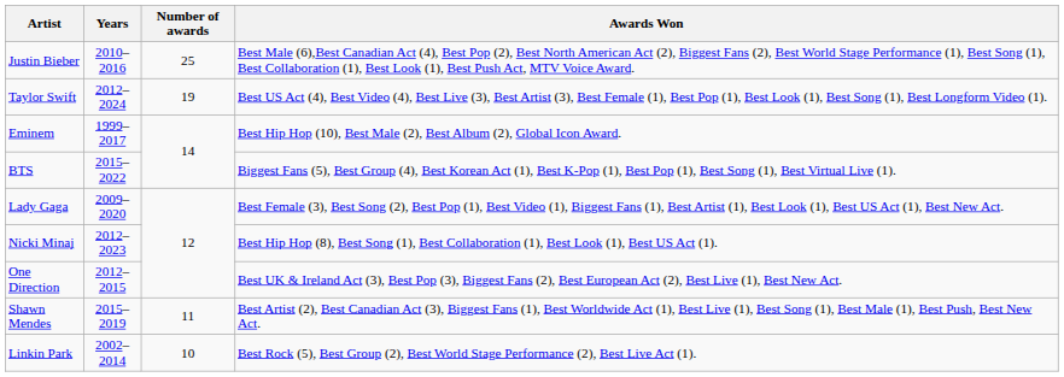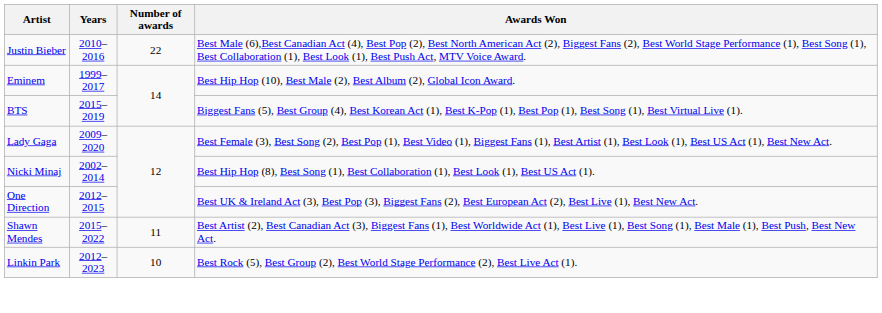 <table class="wikitable">
 <tr>
 <th>Artist</th>
 <th>Years</th>
 <th>Number of awards</th>
 <th>Awards Won</th>
 </tr>
 <tr>
 <td><a href='#'>Justin Bieber</a></td>
 <td align="center"><a href='#'>2010</a>–<a href='#'>2016</a></td>
-<td align="center">25</td>
+<td align="center">22</td>
 <td><a href='#'>Best Male</a> (6),<a href='#'>Best Canadian Act</a> (4), <a href='#'>Best Pop</a> (2), <a href='#'>Best North American Act</a> (2), <a href='#'>Biggest Fans</a> (2), <a href='#'>Best World Stage Performance</a> (1), <a href='#'>Best Song</a> (1), <a href='#'>Best Collaboration</a> (1), <a href='#'>Best Look</a> (1), <a href='#'>Best Push Act</a>, <a href='#'>MTV Voice Award</a>.</td>
-</tr>
-<tr>
-<td><a href='#'>Taylor Swift</a></td>
-<td align="center"><a href='#'>2012</a>–<a href='#'>2024</a></td>
-<td align="center">19</td>
-<td><a href='#'>Best US Act</a> (4), <a href='#'>Best Video</a> (4), <a href='#'>Best Live</a> (3), <a href='#'>Best Artist</a> (3), <a href='#'>Best Female</a> (1), <a href='#'>Best Pop</a> (1), <a href='#'>Best Look</a> (1), <a href='#'>Best Song</a> (1), <a href='#'>Best Longform Video</a> (1).</td>
 </tr>
 <tr>
 <td><a href='#'>Eminem</a></td>
 <td align="center"><a href='#'>1999</a>–<a href='#'>2017</a></td>
 <td rowspan="2" align="center">14</td>
 <td><a href='#'>Best Hip Hop</a> (10), <a href='#'>Best Male</a> (2), <a href='#'>Best Album</a> (2), <a href='#'>Global Icon Award</a>.</td>
 </tr>
 <tr>
 <td><a href='#'>BTS</a></td>
-<td align="center"><a href='#'>2015</a>–<a href='#'>2022</a></td>
+<td align="center"><a href='#'>2015</a>–<a href='#'>2019</a></td>
 <td><a href='#'>Biggest Fans</a> (5), <a href='#'>Best Group</a> (4), <a href='#'>Best Korean Act</a> (1), <a href='#'>Best K-Pop</a> (1), <a href='#'>Best Pop</a> (1), <a href='#'>Best Song</a> (1), <a href='#'>Best Virtual Live</a> (1).</td>
 </tr>
 <tr>
 <td><a href='#'>Lady Gaga</a></td>
 <td align="center"><a href='#'>2009</a>–<a href='#'>2020</a></td>
 <td rowspan="3" align="center">12</td>
 <td><a href='#'>Best Female</a> (3), <a href='#'>Best Song</a> (2), <a href='#'>Best Pop</a> (1), <a href='#'>Best Video</a> (1), <a href='#'>Biggest Fans</a> (1), <a href='#'>Best Artist</a> (1), <a href='#'>Best Look</a> (1), <a href='#'>Best US Act</a> (1), <a href='#'>Best New Act</a>.</td>
 </tr>
 <tr>
 <td><a href='#'>Nicki Minaj</a></td>
-<td align="center"><a href='#'>2012</a>–<a href='#'>2023</a></td>
+<td align="center"><a href='#'>2002</a>–<a href='#'>2014</a></td>
 <td><a href='#'>Best Hip Hop</a> (8), <a href='#'>Best Song</a> (1), <a href='#'>Best Collaboration</a> (1), <a href='#'>Best Look</a> (1), <a href='#'>Best US Act</a> (1).</td>
 </tr>
 <tr>
 <td><a href='#'>One Direction</a></td>
 <td align="center"><a href='#'>2012</a>–<a href='#'>2015</a></td>
 <td><a href='#'>Best UK & Ireland Act</a> (3), <a href='#'>Best Pop</a> (3), <a href='#'>Biggest Fans</a> (2), <a href='#'>Best European Act</a> (2), <a href='#'>Best Live</a> (1), <a href='#'>Best New Act</a>.</td>
 </tr>
 <tr>
 <td><a href='#'>Shawn Mendes</a></td>
-<td align="center"><a href='#'>2015</a>–<a href='#'>2019</a></td>
+<td align="center"><a href='#'>2015</a>–<a href='#'>2022</a></td>
 <td align="center">11</td>
 <td><a href='#'>Best Artist</a> (2), <a href='#'>Best Canadian Act</a> (3), <a href='#'>Biggest Fans</a> (1), <a href='#'>Best Worldwide Act</a> (1), <a href='#'> Best Live</a> (1), <a href='#'>Best Song</a> (1), <a href='#'>Best Male</a> (1), <a href='#'>Best Push</a>, <a href='#'>Best New Act</a>.</td>
 </tr>
 <tr>
 <td><a href='#'>Linkin Park</a></td>
-<td align="center"><a href='#'>2002</a>–<a href='#'>2014</a></td>
+<td align="center"><a href='#'>2012</a>–<a href='#'>2023</a></td>
 <td align="center">10</td>
 <td><a href='#'>Best Rock</a> (5), <a href='#'>Best Group</a> (2), <a href='#'>Best World Stage Performance</a> (2), <a href='#'>Best Live Act</a> (1).</td>
 </tr>
 </table>
